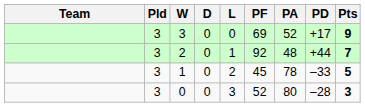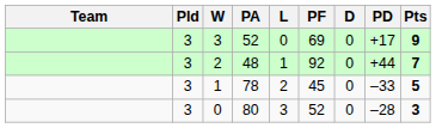 <table class="wikitable" style="text-align:center;">
 <tr>
 <th width=175>Team</th>
 <th width=25 abbr="Played">Pld</th>
 <th width=25 abbr="Won">W</th>
-<th width=25 abbr="Drawn">D</th>
+<th width=32 abbr="Points against">PA</th>
 <th width=25 abbr="Lost">L</th>
 <th width=32 abbr="Points for">PF</th>
-<th width=32 abbr="Points against">PA</th>
+<th width=25 abbr="Drawn">D</th>
 <th width=32 abbr="Points difference">PD</th>
 <th width=25 abbr="Points">Pts</th>
 </tr>
 <tr bgcolor=ccffcc>
 <td align=left></td>
 <td>3</td>
 <td>3</td>
-<td>0</td>
+<td>52</td>
 <td>0</td>
 <td>69</td>
-<td>52</td>
+<td>0</td>
 <td>+17</td>
 <td><strong>9</strong></td>
 </tr>
 <tr bgcolor=ccffcc>
 <td align=left></td>
 <td>3</td>
 <td>2</td>
-<td>0</td>
+<td>48</td>
 <td>1</td>
 <td>92</td>
-<td>48</td>
+<td>0</td>
 <td>+44</td>
 <td><strong>7</strong></td>
 </tr>
 <tr>
 <td align=left></td>
 <td>3</td>
 <td>1</td>
-<td>0</td>
+<td>78</td>
 <td>2</td>
 <td>45</td>
-<td>78</td>
+<td>0</td>
 <td>–33</td>
 <td><strong>5</strong></td>
 </tr>
 <tr>
 <td align=left></td>
 <td>3</td>
 <td>0</td>
-<td>0</td>
+<td>80</td>
 <td>3</td>
 <td>52</td>
-<td>80</td>
+<td>0</td>
 <td>–28</td>
 <td><strong>3</strong></td>
 </tr>
 </table>
